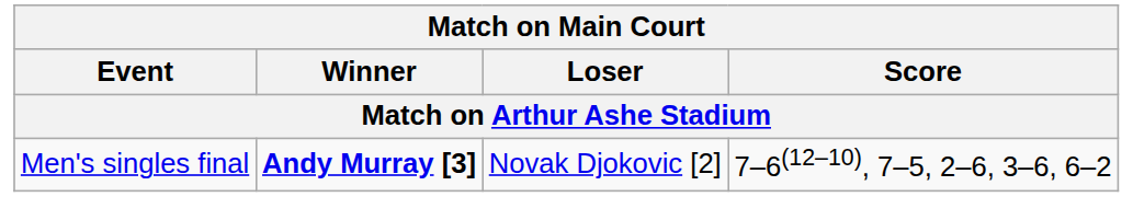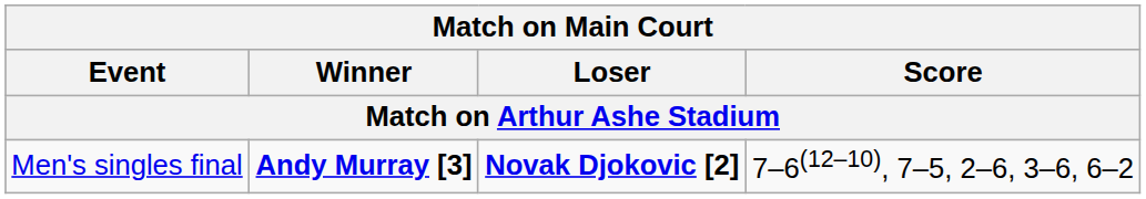 <table class="wikitable collapsible uncollapsed" style=margin:auto>
 <tr>
 <th colspan=4><strong>Match on Main Court</strong></th>
 </tr>
 <tr>
 <th>Event</th>
 <th>Winner</th>
 <th>Loser</th>
 <th>Score</th>
 </tr>
 <tr>
 <th colspan=4><strong>Match on <a href='#'>Arthur Ashe Stadium</a></strong></th>
 </tr>
 <tr>
 <td><a href='#'>Men's singles final</a></td>
 <td><strong> <a href='#'>Andy Murray</a> [3]</strong></td>
-<td> <a href='#'>Novak Djokovic</a> [2]</td>
+<td><strong> <a href='#'>Novak Djokovic</a> [2]</strong></td>
 <td>7–6<sup>(12–10)</sup>, 7–5, 2–6, 3–6, 6–2</td>
 </tr>
 </table>
